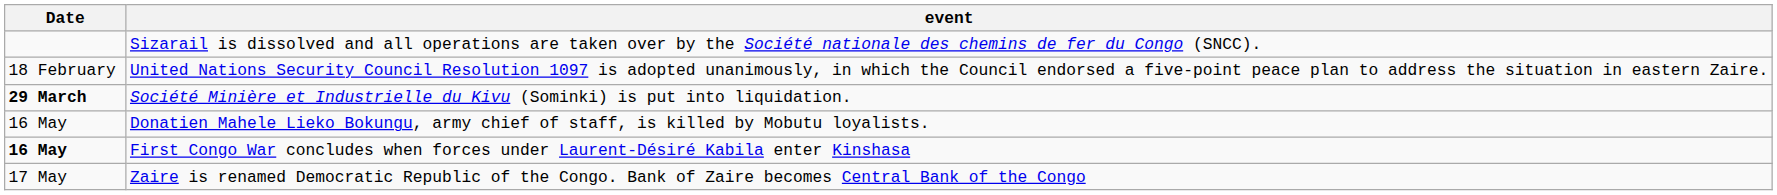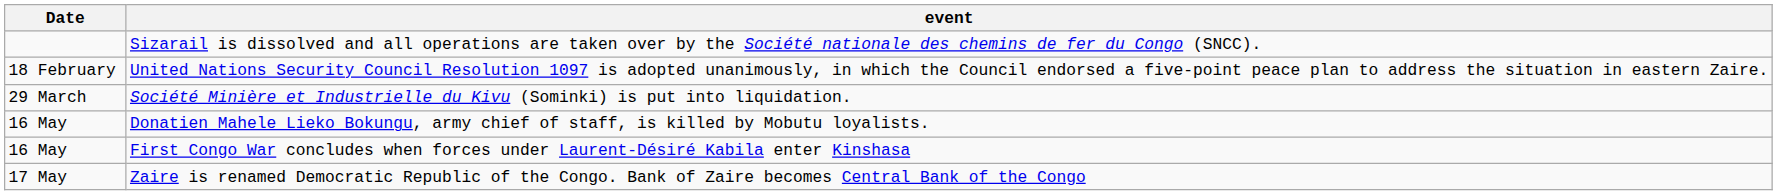 <table class=wikitable>
 <tr>
 <th style="width:7em">Date</th>
 <th>event</th>
 </tr>
 <tr>
 <td></td>
 <td><a href='#'>Sizarail</a> is dissolved and all operations are taken over by the <em><a href='#'>Société nationale des chemins de fer du Congo</a></em> (SNCC).</td>
 </tr>
 <tr>
 <td>18 February</td>
 <td><a href='#'>United Nations Security Council Resolution 1097</a> is adopted unanimously, in which the Council endorsed a five-point peace plan to address the situation in eastern Zaire.</td>
 </tr>
 <tr>
-<td><strong>29 March</strong></td>
+<td>29 March</td>
 <td><em><a href='#'>Société Minière et Industrielle du Kivu</a></em> (Sominki) is put into liquidation.</td>
 </tr>
 <tr>
 <td>16 May</td>
 <td><a href='#'>Donatien Mahele Lieko Bokungu</a>, army chief of staff, is killed by Mobutu loyalists.</td>
 </tr>
 <tr>
-<td><strong>16 May</strong></td>
+<td>16 May</td>
 <td><a href='#'>First Congo War</a> concludes when forces under <a href='#'>Laurent-Désiré Kabila</a> enter <a href='#'>Kinshasa</a></td>
 </tr>
 <tr>
 <td>17 May</td>
 <td><a href='#'>Zaire</a> is renamed Democratic Republic of the Congo. Bank of Zaire becomes <a href='#'>Central Bank of the Congo</a></td>
 </tr>
 </table>
